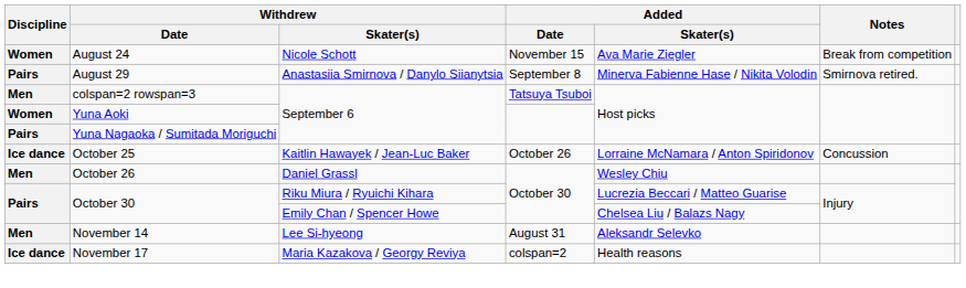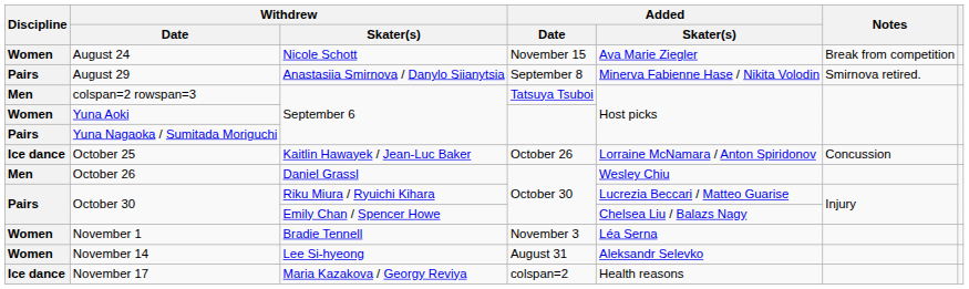 <table class="wikitable unsortable">
 <tr>
 <th scope="col" rowspan=2>Discipline</th>
 <th scope="col" colspan=2>Withdrew</th>
 <th scope="col" colspan=2>Added</th>
 <th scope="col" rowspan=2>Notes</th>
 <th scope="col" rowspan=2></th>
 </tr>
 <tr>
 <th>Date</th>
 <th>Skater(s)</th>
 <th>Date</th>
 <th>Skater(s)</th>
 </tr>
 <tr>
 <th scope="row" style="text-align:left">Women</th>
 <td>August 24</td>
 <td> <a href='#'>Nicole Schott</a></td>
 <td>November 15</td>
 <td> <a href='#'>Ava Marie Ziegler</a></td>
 <td>Break from competition</td>
 <td></td>
 </tr>
 <tr>
 <th scope="row" style="text-align:left">Pairs</th>
 <td>August 29</td>
 <td> <a href='#'>Anastasiia Smirnova</a> / <a href='#'>Danylo Siianytsia</a></td>
 <td>September 8</td>
 <td> <a href='#'>Minerva Fabienne Hase</a> / <a href='#'>Nikita Volodin</a></td>
 <td>Smirnova retired.</td>
 <td></td>
 </tr>
 <tr>
 <th scope="row" style="text-align:left">Men</th>
 <td>colspan=2 rowspan=3 </td>
 <td rowspan=3>September 6</td>
 <td> <a href='#'>Tatsuya Tsuboi</a></td>
 <td rowspan=3>Host picks</td>
 <td rowspan=3></td>
 </tr>
 <tr>
 <th scope="row" style="text-align:left">Women</th>
 <td> <a href='#'>Yuna Aoki</a></td>
 </tr>
 <tr>
 <th scope="row" style="text-align:left">Pairs</th>
 <td> <a href='#'>Yuna Nagaoka</a> / <a href='#'>Sumitada Moriguchi</a></td>
 </tr>
 <tr>
 <th scope="row" style="text-align:left">Ice dance</th>
 <td>October 25</td>
 <td> <a href='#'>Kaitlin Hawayek</a> / <a href='#'>Jean-Luc Baker</a></td>
 <td>October 26</td>
 <td> <a href='#'>Lorraine McNamara</a> / <a href='#'>Anton Spiridonov</a></td>
 <td>Concussion</td>
 <td></td>
 </tr>
 <tr>
 <th scope="row" style="text-align:left">Men</th>
 <td>October 26</td>
 <td> <a href='#'>Daniel Grassl</a></td>
 <td rowspan="3">October 30</td>
 <td> <a href='#'>Wesley Chiu</a></td>
 <td></td>
 <td rowspan=3></td>
 </tr>
 <tr>
 <th scope="row" style="text-align:left" rowspan="2">Pairs</th>
 <td rowspan="2">October 30</td>
 <td> <a href='#'>Riku Miura</a> / <a href='#'>Ryuichi Kihara</a></td>
 <td> <a href='#'>Lucrezia Beccari</a> / <a href='#'>Matteo Guarise</a></td>
 <td rowspan="2">Injury</td>
 </tr>
 <tr>
 <td> <a href='#'>Emily Chan</a> / <a href='#'>Spencer Howe</a></td>
 <td> <a href='#'>Chelsea Liu</a> / <a href='#'>Balazs Nagy</a></td>
 </tr>
 <tr>
-<th scope="row" style="text-align:left">Men</th>
+<th scope="row" style="text-align:left">Women</th>
+<td>November 1</td>
+<td> <a href='#'>Bradie Tennell</a></td>
+<td>November 3</td>
+<td> <a href='#'>Léa Serna</a></td>
+<td></td>
+<td></td>
+</tr>
+<tr>
+<th scope="row" style="text-align:left">Women</th>
 <td>November 14</td>
 <td> <a href='#'>Lee Si-hyeong</a></td>
 <td>August 31</td>
 <td> <a href='#'>Aleksandr Selevko</a></td>
 <td></td>
 <td></td>
 </tr>
 <tr>
 <th scope="row" style="text-align:left">Ice dance</th>
 <td>November 17</td>
 <td> <a href='#'>Maria Kazakova</a> / <a href='#'>Georgy Reviya</a></td>
 <td>colspan=2 </td>
 <td>Health reasons</td>
 <td></td>
 </tr>
 </table>
